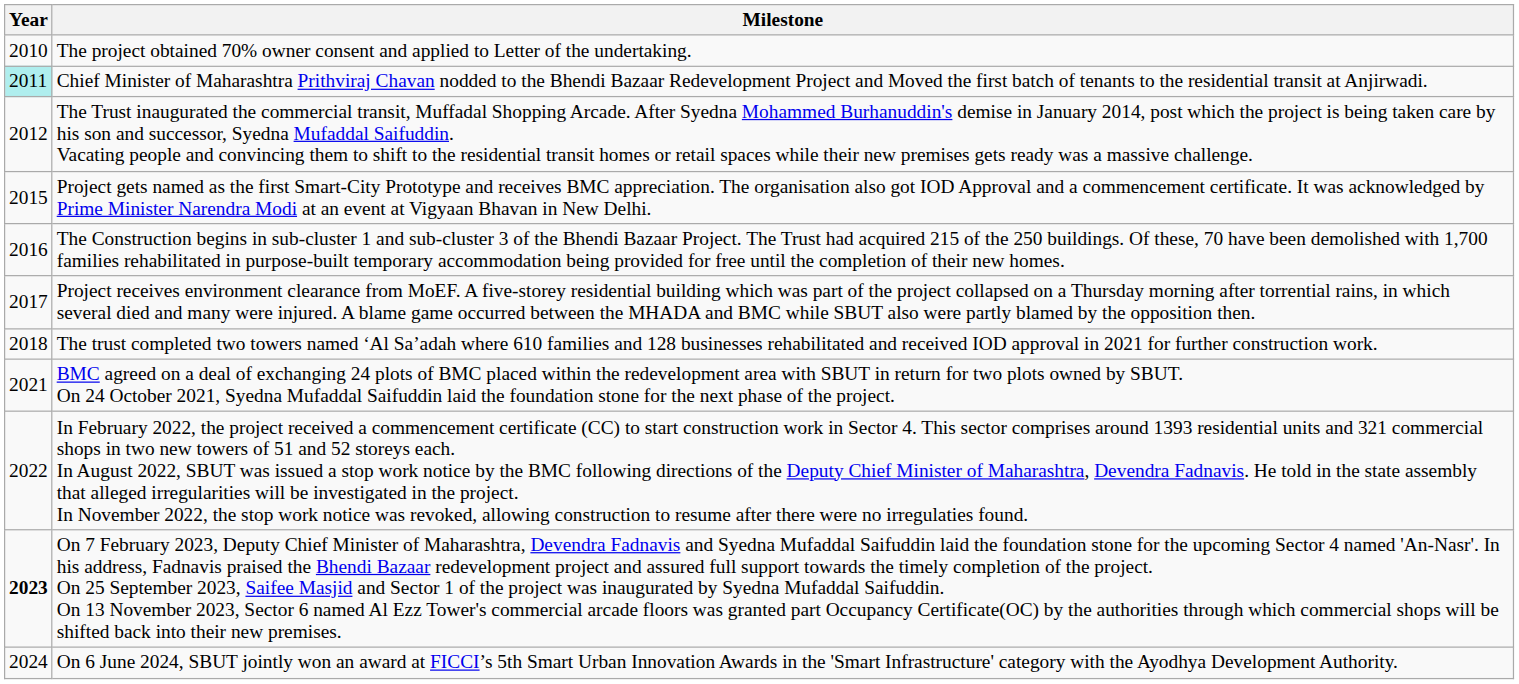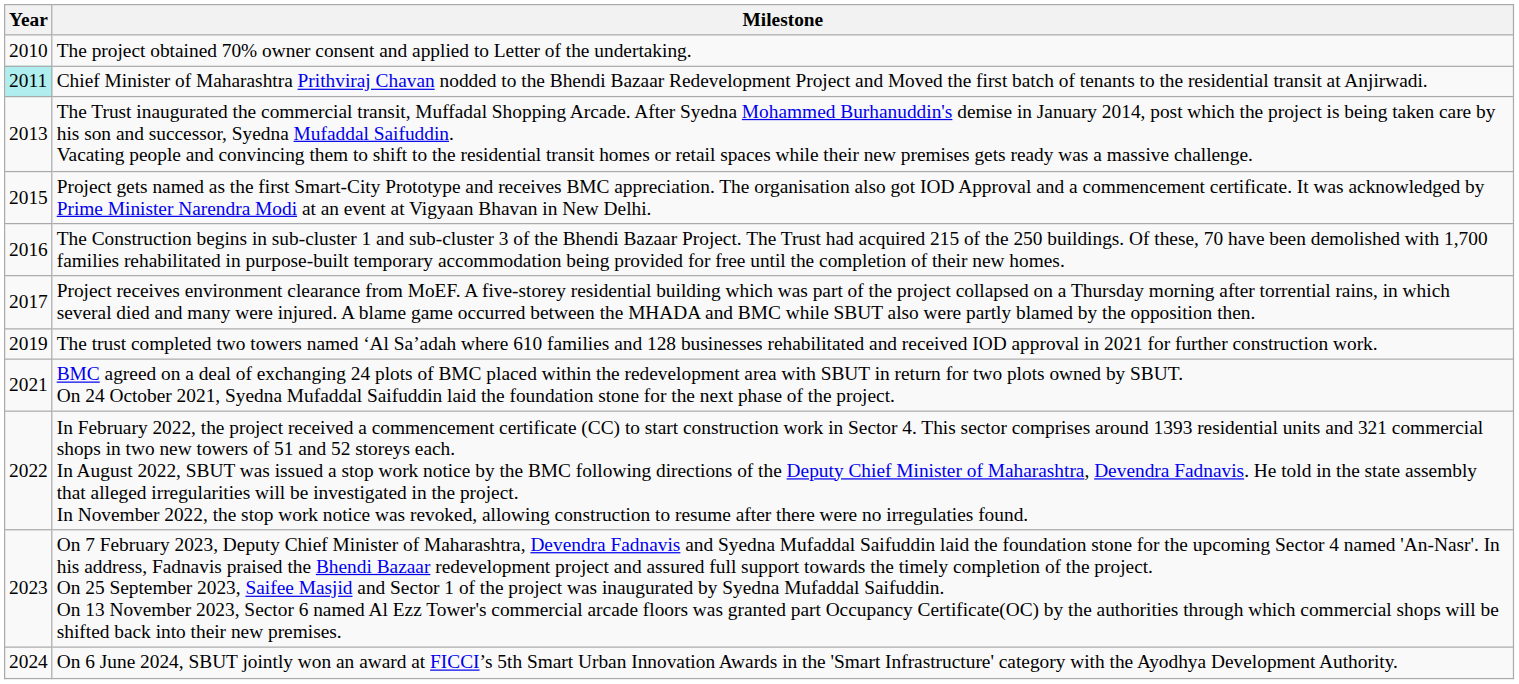 <table class="wikitable">
 <tr>
 <th>Year</th>
 <th>Milestone</th>
 </tr>
 <tr>
 <td>2010</td>
 <td>The project obtained 70% owner consent and  applied to Letter of the undertaking.</td>
 </tr>
 <tr>
 <td style="background: paleturquoise;">2011</td>
 <td>Chief Minister of Maharashtra <a href='#'>Prithviraj Chavan</a> nodded to the Bhendi Bazaar Redevelopment Project and Moved the first batch of tenants to the residential transit at Anjirwadi.</td>
 </tr>
 <tr>
-<td>2012</td>
+<td>2013</td>
 <td>The Trust inaugurated the commercial transit, Muffadal Shopping Arcade. After Syedna <a href='#'>Mohammed Burhanuddin's</a> demise in January 2014, post which the project is being taken care by his son and successor, Syedna <a href='#'>Mufaddal Saifuddin</a>.<br>Vacating people and convincing them to shift to the residential transit homes or retail spaces while their new premises gets ready was a massive challenge.</td>
 </tr>
 <tr>
 <td>2015</td>
 <td>Project gets named as the first Smart-City Prototype and receives BMC appreciation. The organisation also got IOD Approval and a commencement certificate. It was acknowledged by <a href='#'>Prime Minister Narendra Modi</a> at an event at Vigyaan Bhavan in New Delhi.</td>
 </tr>
 <tr>
 <td>2016</td>
 <td>The Construction begins in sub-cluster 1 and sub-cluster 3 of the Bhendi Bazaar Project. The Trust had acquired 215 of the 250 buildings. Of these, 70 have been demolished with 1,700 families rehabilitated in purpose-built temporary accommodation being provided for free until the completion of their new homes.</td>
 </tr>
 <tr>
 <td>2017</td>
 <td>Project receives environment clearance from MoEF. A five-storey residential building which was part of the project collapsed on a Thursday morning after torrential rains, in which several died and many were injured. A blame game occurred between the MHADA and BMC while SBUT also were partly blamed by the opposition then.</td>
 </tr>
 <tr>
-<td>2018</td>
+<td>2019</td>
 <td>The trust completed two towers named ‘Al Sa’adah where 610 families and 128 businesses rehabilitated and received IOD approval in 2021 for further construction work.</td>
 </tr>
 <tr>
 <td>2021</td>
 <td><a href='#'>BMC</a> agreed on a deal of exchanging 24 plots of BMC placed within the redevelopment area with SBUT in return for two plots owned by SBUT.<br>On 24 October 2021, Syedna Mufaddal Saifuddin laid the foundation stone for the next phase of the project.</td>
 </tr>
 <tr>
 <td>2022</td>
 <td>In February 2022, the project received a commencement certificate (CC) to start construction work in Sector 4. This sector comprises around 1393 residential units and 321 commercial shops in two new towers of 51 and 52 storeys each.<br>In August 2022, SBUT was issued a stop work notice by the BMC following directions of the <a href='#'>Deputy Chief Minister of Maharashtra</a>, <a href='#'>Devendra Fadnavis</a>. He told in the state assembly that alleged irregularities will be investigated in the project.<br>In November 2022, the stop work notice was revoked, allowing construction to resume after there were no irregulaties found.</td>
 </tr>
 <tr>
-<td><strong>2023</strong></td>
+<td>2023</td>
 <td>On 7 February 2023, Deputy Chief Minister of Maharashtra, <a href='#'>Devendra Fadnavis</a> and Syedna Mufaddal Saifuddin laid the foundation stone for the upcoming Sector 4 named 'An-Nasr'. In his address, Fadnavis praised the <a href='#'>Bhendi Bazaar</a> redevelopment project and assured full support towards the timely completion of the project.<br>On 25 September 2023, <a href='#'>Saifee Masjid</a> and Sector 1 of the project was inaugurated by Syedna Mufaddal Saifuddin.<br>On 13 November 2023, Sector 6 named Al Ezz Tower's commercial arcade floors was granted part Occupancy Certificate(OC) by the authorities through which commercial shops will be shifted back into their new premises.</td>
 </tr>
 <tr>
 <td>2024</td>
 <td>On 6 June 2024, SBUT jointly won an award at <a href='#'>FICCI</a>’s 5th Smart Urban Innovation Awards in the 'Smart Infrastructure' category with the Ayodhya Development Authority.</td>
 </tr>
 </table>
